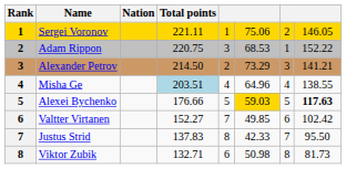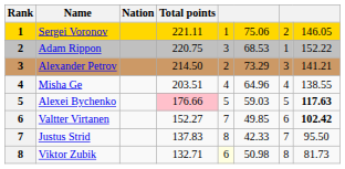 <table class="wikitable sortable">
 <tr>
 <th>Rank</th>
 <th>Name</th>
 <th>Nation</th>
 <th>Total points</th>
 <th colspan="2" width="80px"></th>
 <th colspan="2" width="80px"></th>
 </tr>
 <tr bgcolor="gold">
 <td align="center"><strong>1</strong></td>
 <td><a href='#'>Sergei Voronov</a></td>
 <td></td>
 <td align="center">221.11</td>
 <td align="center">1</td>
 <td align="center">75.06</td>
 <td align="center">2</td>
 <td align="center">146.05</td>
 </tr>
 <tr bgcolor="silver">
 <td align="center"><strong>2</strong></td>
 <td><a href='#'>Adam Rippon</a></td>
 <td></td>
 <td align="center">220.75</td>
 <td align="center">3</td>
 <td align="center">68.53</td>
 <td align="center">1</td>
 <td align="center">152.22</td>
 </tr>
 <tr bgcolor="cc9966">
 <td align="center"><strong>3</strong></td>
 <td><a href='#'>Alexander Petrov</a></td>
 <td></td>
 <td align="center">214.50</td>
 <td align="center">2</td>
 <td align="center">73.29</td>
 <td align="center">3</td>
 <td align="center">141.21</td>
 </tr>
 <tr>
 <th>4</th>
 <td><a href='#'>Misha Ge</a></td>
 <td></td>
-<td align="center" style="background: lightblue;">203.51</td>
+<td align="center">203.51</td>
 <td align="center">4</td>
 <td align="center">64.96</td>
 <td align="center">4</td>
 <td align="center">138.55</td>
 </tr>
 <tr>
 <th>5</th>
 <td><a href='#'>Alexei Bychenko</a></td>
 <td></td>
-<td align="center">176.66</td>
+<td align="center" style="background: pink;">176.66</td>
 <td align="center">5</td>
-<td align="center" style="background: gold;">59.03</td>
+<td align="center">59.03</td>
 <td align="center">5</td>
 <td align="center"><strong>117.63</strong></td>
 </tr>
 <tr>
 <th>6</th>
 <td><a href='#'>Valtter Virtanen</a></td>
 <td></td>
 <td align="center">152.27</td>
 <td align="center">7</td>
 <td align="center">49.85</td>
 <td align="center">6</td>
-<td align="center">102.42</td>
+<td align="center"><strong>102.42</strong></td>
 </tr>
 <tr>
 <th>7</th>
 <td><a href='#'>Justus Strid</a></td>
 <td></td>
 <td align="center">137.83</td>
 <td align="center">8</td>
 <td align="center">42.33</td>
 <td align="center">7</td>
 <td align="center">95.50</td>
 </tr>
 <tr>
 <th>8</th>
 <td><a href='#'>Viktor Zubik</a></td>
 <td></td>
 <td align="center">132.71</td>
-<td align="center">6</td>
+<td align="center" style="background: lightyellow;">6</td>
 <td align="center">50.98</td>
 <td align="center">8</td>
 <td align="center">81.73</td>
 </tr>
 </table>
